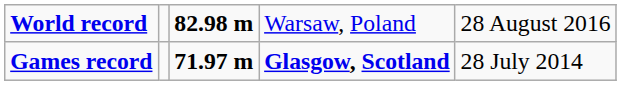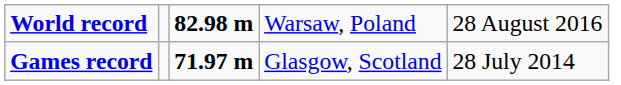 <table class="wikitable">
 <tr>
 <td><a href='#'><strong>World record</strong></a></td>
 <td></td>
 <td><strong>82.98 m</strong></td>
 <td><a href='#'>Warsaw</a>, <a href='#'>Poland</a></td>
 <td>28 August 2016</td>
 </tr>
 <tr>
 <td><a href='#'><strong>Games record</strong></a></td>
 <td></td>
 <td><strong>71.97 m</strong></td>
-<td><strong><a href='#'>Glasgow</a>, <a href='#'>Scotland</a></strong></td>
+<td><a href='#'>Glasgow</a>, <a href='#'>Scotland</a></td>
 <td>28 July 2014</td>
 </tr>
 </table>
